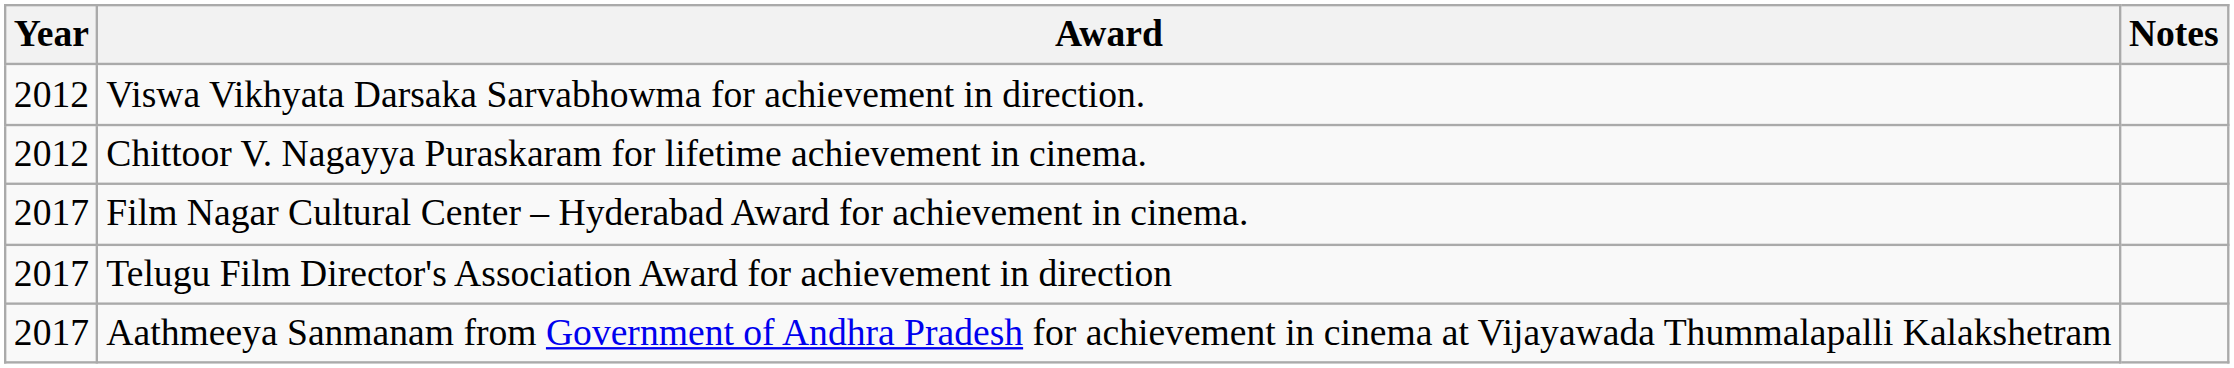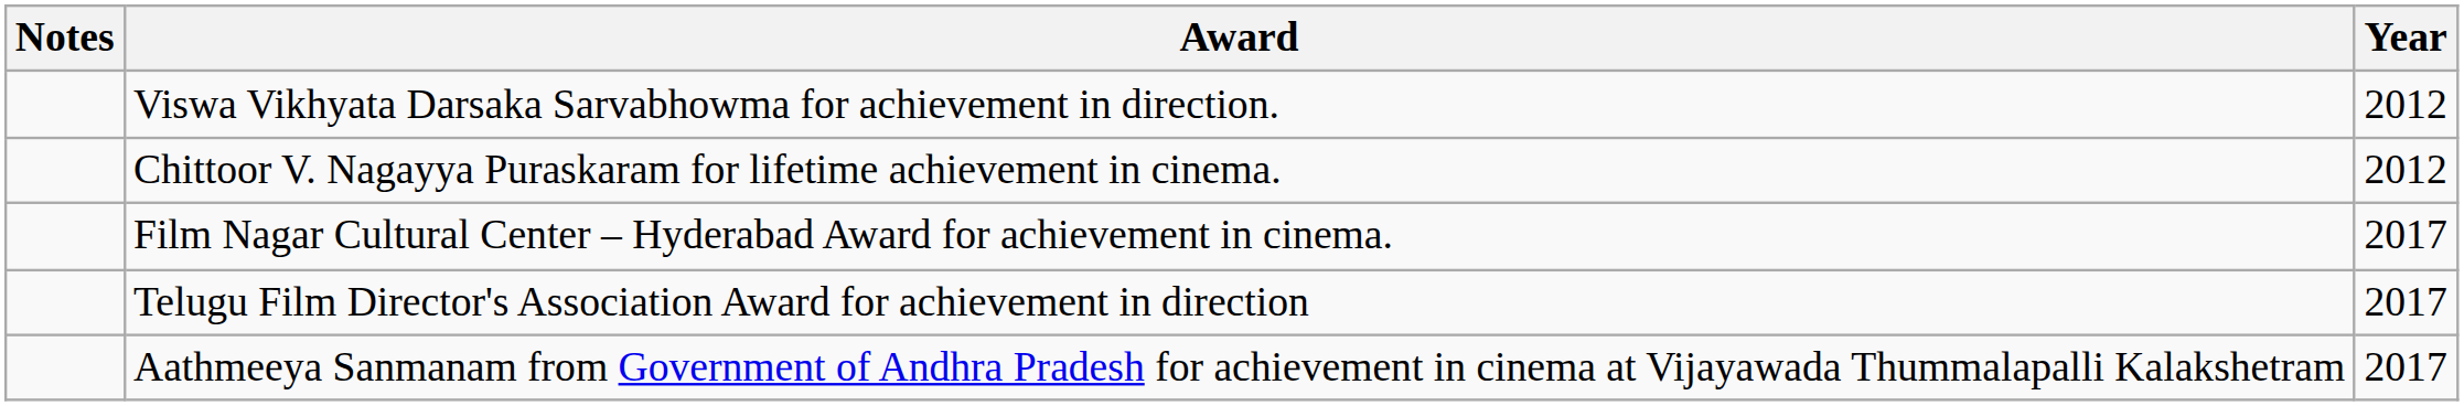 <table class="wikitable">
 <tr>
+<th>Notes</th>
+<th>Award</th>
 <th>Year</th>
-<th>Award</th>
-<th>Notes</th>
 </tr>
 <tr>
+<td></td>
+<td>Viswa Vikhyata Darsaka Sarvabhowma for achievement in direction.</td>
 <td>2012</td>
-<td>Viswa Vikhyata Darsaka Sarvabhowma for achievement in direction.</td>
-<td></td>
 </tr>
 <tr>
+<td></td>
+<td>Chittoor V. Nagayya Puraskaram for lifetime achievement in cinema.</td>
 <td>2012</td>
-<td>Chittoor V. Nagayya Puraskaram for lifetime achievement in cinema.</td>
-<td></td>
 </tr>
 <tr>
+<td></td>
+<td>Film Nagar Cultural Center – Hyderabad Award for achievement in cinema.</td>
 <td>2017</td>
-<td>Film Nagar Cultural Center – Hyderabad Award for achievement in cinema.</td>
-<td></td>
 </tr>
 <tr>
+<td></td>
+<td>Telugu Film Director's Association Award for achievement in direction</td>
 <td>2017</td>
-<td>Telugu Film Director's Association Award for achievement in direction</td>
-<td></td>
 </tr>
 <tr>
+<td></td>
+<td>Aathmeeya Sanmanam from <a href='#'>Government of Andhra Pradesh</a> for achievement in cinema at Vijayawada Thummalapalli Kalakshetram</td>
 <td>2017</td>
-<td>Aathmeeya Sanmanam from <a href='#'>Government of Andhra Pradesh</a> for achievement in cinema at Vijayawada Thummalapalli Kalakshetram</td>
-<td></td>
 </tr>
 </table>
